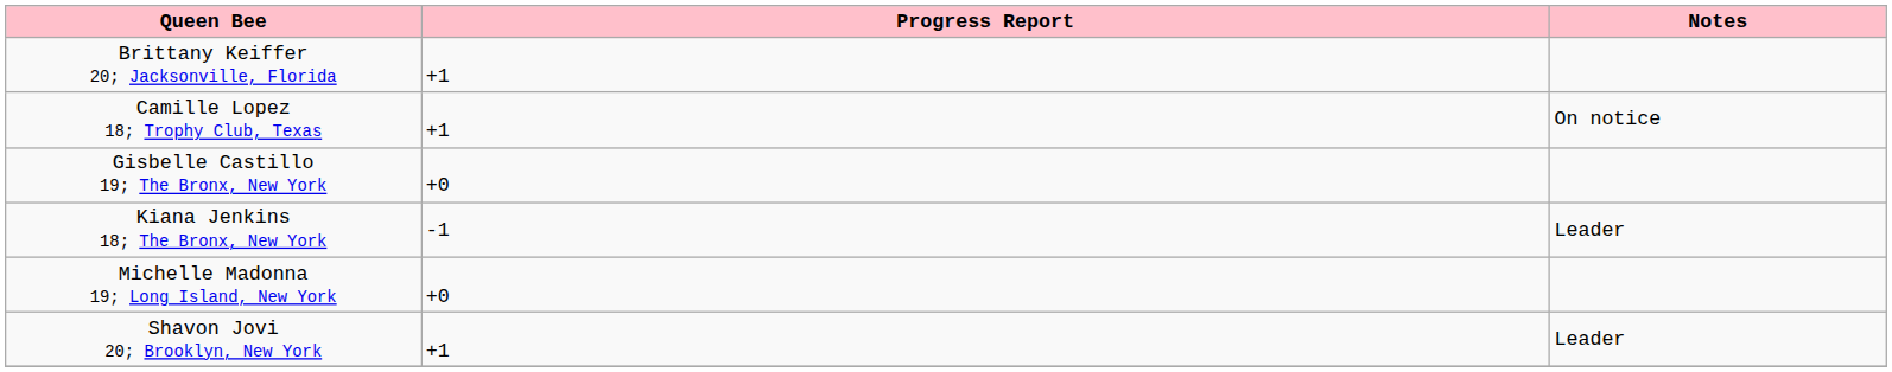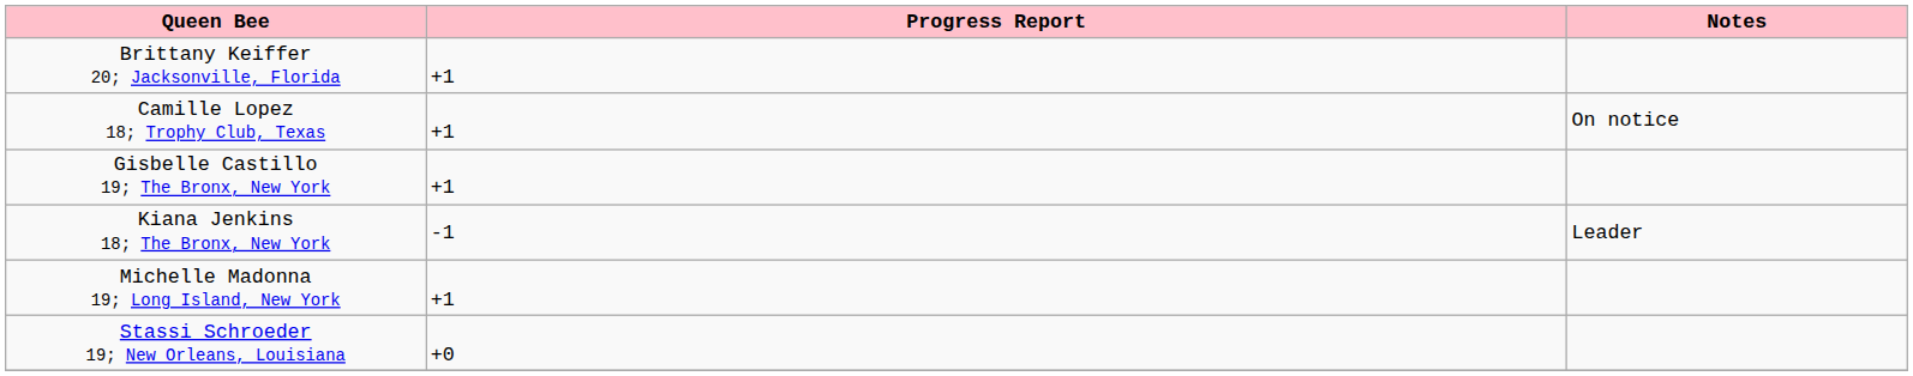 <table class="wikitable" width="98%">
 <tr>
 <th width="125" style="background:pink;">Queen Bee</th>
 <th width="350" style="background:pink;">Progress Report</th>
 <th width="100" style="background:pink;">Notes</th>
 </tr>
 <tr>
 <td style="text-align:center;">Brittany Keiffer<br><small>20; <a href='#'>Jacksonville, Florida</a></small></td>
 <td><br> +1</td>
 <td></td>
 </tr>
 <tr>
 <td style="text-align:center;">Camille Lopez<br><small>18; <a href='#'>Trophy Club, Texas</a></small></td>
 <td><br> +1</td>
 <td>On notice</td>
 </tr>
 <tr>
 <td style="text-align:center;">Gisbelle Castillo<br><small>19; <a href='#'>The Bronx, New York</a></small></td>
-<td><br> +0</td>
+<td><br> +1</td>
 <td></td>
 </tr>
 <tr>
 <td style="text-align:center;">Kiana Jenkins<br><small>18; <a href='#'>The Bronx, New York</a></small></td>
 <td>-1</td>
 <td>Leader</td>
 </tr>
 <tr>
 <td style="text-align:center;">Michelle Madonna<br><small>19; <a href='#'>Long Island, New York</a></small></td>
+<td><br> +1</td>
+<td></td>
+</tr>
+<tr>
+<td style="text-align:center;"><a href='#'>Stassi Schroeder</a><br><small>19; <a href='#'>New Orleans, Louisiana</a></small></td>
 <td><br> +0</td>
 <td></td>
 </tr>
 <tr>
-<td style="text-align:center;">Shavon Jovi<br><small>20; <a href='#'>Brooklyn, New York</a></small></td>
-<td><br>  +1</td>
-<td>Leader</td>
-</tr>
-<tr>
 </tr>
 </table>
